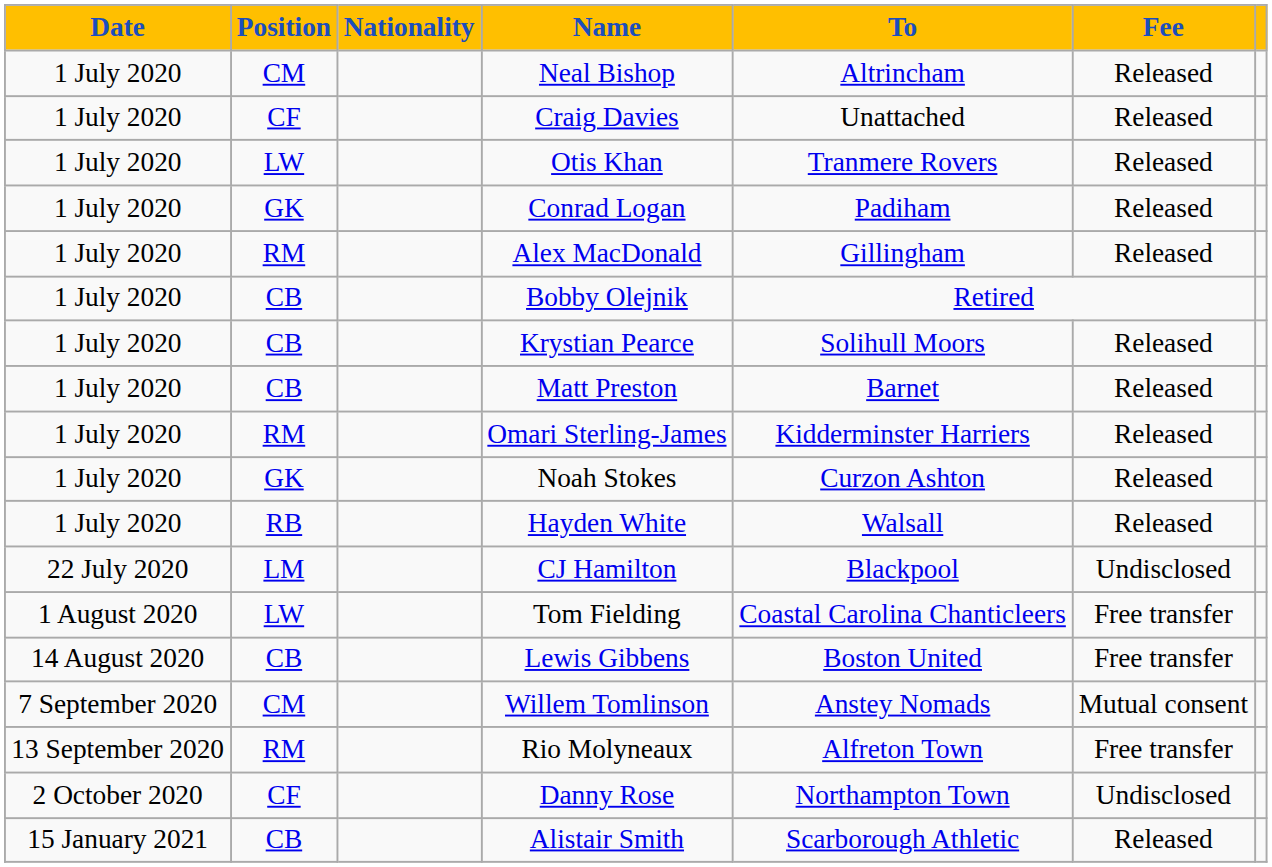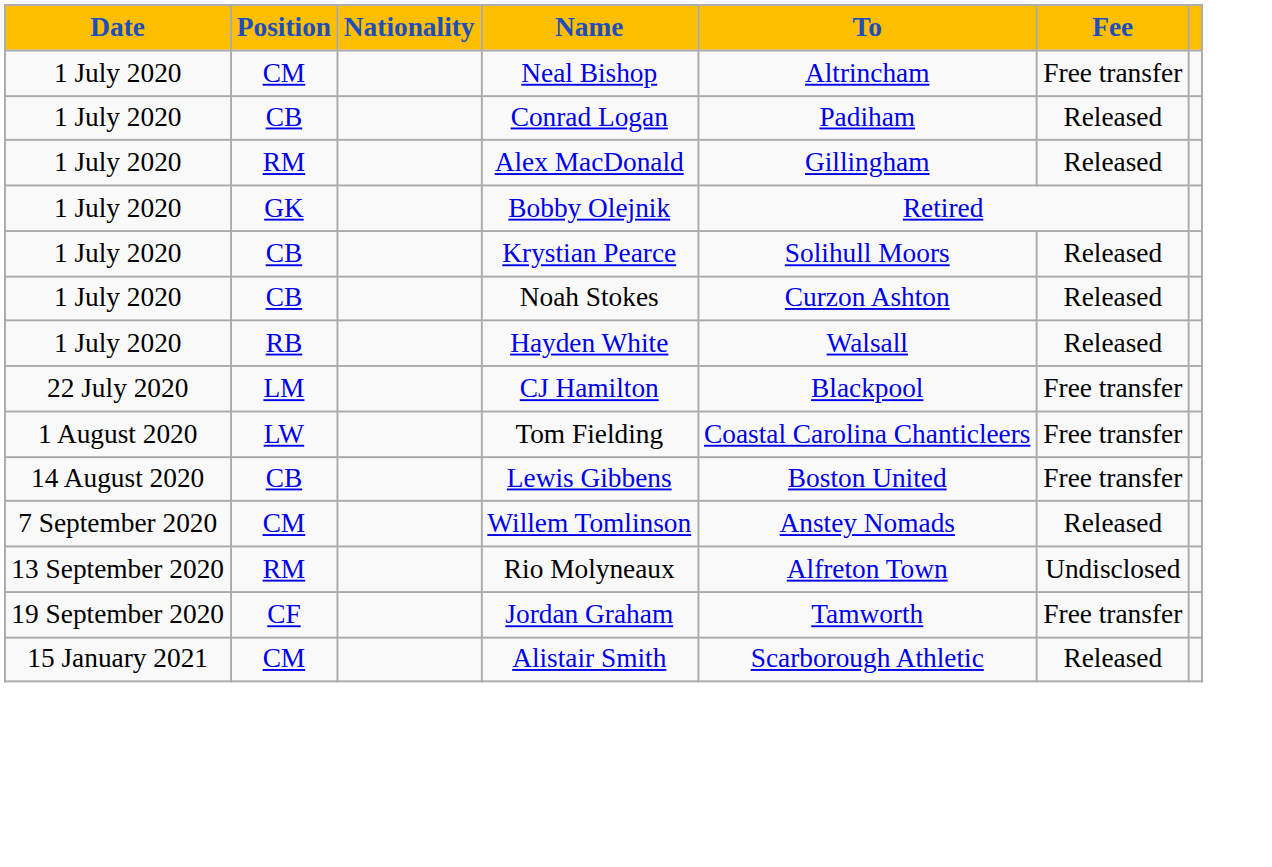 <table class="wikitable"  style="text-align:center; font-size:90%; ">
 <tr>
 <th style="background:#ffbf00; color:#1C4EBD ">Date</th>
 <th style="background:#ffbf00; color:#1C4EBD ">Position</th>
 <th style="background:#ffbf00; color:#1C4EBD ">Nationality</th>
 <th style="background:#ffbf00; color:#1C4EBD ">Name</th>
 <th style="background:#ffbf00; color:#1C4EBD ">To</th>
 <th style="background:#ffbf00; color:#1C4EBD ">Fee</th>
 <th style="background:#ffbf00; color:#1C4EBD "></th>
 </tr>
 <tr>
 <td>1 July 2020</td>
 <td><a href='#'>CM</a></td>
 <td></td>
 <td><a href='#'>Neal Bishop</a></td>
 <td> <a href='#'>Altrincham</a></td>
-<td>Released</td>
+<td>Free transfer</td>
 <td></td>
 </tr>
 <tr>
 <td>1 July 2020</td>
-<td><a href='#'>CF</a></td>
-<td></td>
-<td><a href='#'>Craig Davies</a></td>
-<td> Unattached</td>
-<td>Released</td>
-<td></td>
-</tr>
-<tr>
-<td>1 July 2020</td>
-<td><a href='#'>LW</a></td>
-<td></td>
-<td><a href='#'>Otis Khan</a></td>
-<td> <a href='#'>Tranmere Rovers</a></td>
-<td>Released</td>
-<td></td>
-</tr>
-<tr>
-<td>1 July 2020</td>
-<td><a href='#'>GK</a></td>
+<td><a href='#'>CB</a></td>
 <td></td>
 <td><a href='#'>Conrad Logan</a></td>
 <td> <a href='#'>Padiham</a></td>
 <td>Released</td>
 <td></td>
 </tr>
 <tr>
 <td>1 July 2020</td>
 <td><a href='#'>RM</a></td>
 <td></td>
 <td><a href='#'>Alex MacDonald</a></td>
 <td> <a href='#'>Gillingham</a></td>
 <td>Released</td>
 <td></td>
 </tr>
 <tr>
 <td>1 July 2020</td>
-<td><a href='#'>CB</a></td>
+<td><a href='#'>GK</a></td>
 <td></td>
 <td><a href='#'>Bobby Olejnik</a></td>
 <td colspan="2"> <a href='#'>Retired</a></td>
 <td></td>
 </tr>
 <tr>
 <td>1 July 2020</td>
 <td><a href='#'>CB</a></td>
 <td></td>
 <td><a href='#'>Krystian Pearce</a></td>
 <td> <a href='#'>Solihull Moors</a></td>
 <td>Released</td>
 <td></td>
 </tr>
 <tr>
 <td>1 July 2020</td>
 <td><a href='#'>CB</a></td>
-<td></td>
-<td><a href='#'>Matt Preston</a></td>
-<td> <a href='#'>Barnet</a></td>
-<td>Released</td>
-<td></td>
-</tr>
-<tr>
-<td>1 July 2020</td>
-<td><a href='#'>RM</a></td>
-<td></td>
-<td><a href='#'>Omari Sterling-James</a></td>
-<td> <a href='#'>Kidderminster Harriers</a></td>
-<td>Released</td>
-<td></td>
-</tr>
-<tr>
-<td>1 July 2020</td>
-<td><a href='#'>GK</a></td>
 <td></td>
 <td>Noah Stokes</td>
 <td> <a href='#'>Curzon Ashton</a></td>
 <td>Released</td>
 <td></td>
 </tr>
 <tr>
 <td>1 July 2020</td>
 <td><a href='#'>RB</a></td>
 <td></td>
 <td><a href='#'>Hayden White</a></td>
 <td> <a href='#'>Walsall</a></td>
 <td>Released</td>
 <td></td>
 </tr>
 <tr>
 <td>22 July 2020</td>
 <td><a href='#'>LM</a></td>
 <td></td>
 <td><a href='#'>CJ Hamilton</a></td>
 <td> <a href='#'>Blackpool</a></td>
-<td>Undisclosed</td>
+<td>Free transfer</td>
 <td></td>
 </tr>
 <tr>
 <td>1 August 2020</td>
 <td><a href='#'>LW</a></td>
 <td></td>
 <td>Tom Fielding</td>
 <td> <a href='#'>Coastal Carolina Chanticleers</a></td>
 <td>Free transfer</td>
 <td></td>
 </tr>
 <tr>
 <td>14 August 2020</td>
 <td><a href='#'>CB</a></td>
 <td></td>
 <td><a href='#'>Lewis Gibbens</a></td>
 <td> <a href='#'>Boston United</a></td>
 <td>Free transfer</td>
 <td></td>
 </tr>
 <tr>
 <td>7 September 2020</td>
 <td><a href='#'>CM</a></td>
 <td></td>
 <td><a href='#'>Willem Tomlinson</a></td>
 <td> <a href='#'>Anstey Nomads</a></td>
-<td>Mutual consent</td>
+<td>Released</td>
 <td></td>
 </tr>
 <tr>
 <td>13 September 2020</td>
 <td><a href='#'>RM</a></td>
 <td></td>
 <td>Rio Molyneaux</td>
 <td> <a href='#'>Alfreton Town</a></td>
+<td>Undisclosed</td>
+<td></td>
+</tr>
+<tr>
+<td>19 September 2020</td>
+<td><a href='#'>CF</a></td>
+<td></td>
+<td><a href='#'>Jordan Graham</a></td>
+<td> <a href='#'>Tamworth</a></td>
 <td>Free transfer</td>
 <td></td>
 </tr>
 <tr>
-<td>2 October 2020</td>
-<td><a href='#'>CF</a></td>
-<td></td>
-<td><a href='#'>Danny Rose</a></td>
-<td> <a href='#'>Northampton Town</a></td>
-<td>Undisclosed</td>
-<td></td>
-</tr>
-<tr>
 <td>15 January 2021</td>
-<td><a href='#'>CB</a></td>
+<td><a href='#'>CM</a></td>
 <td></td>
 <td><a href='#'>Alistair Smith</a></td>
 <td> <a href='#'>Scarborough Athletic</a></td>
 <td>Released</td>
 <td></td>
 </tr>
 </table>
